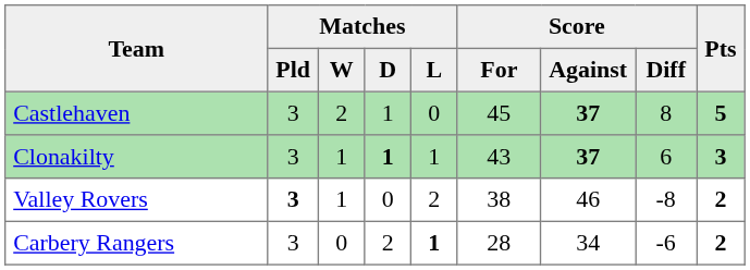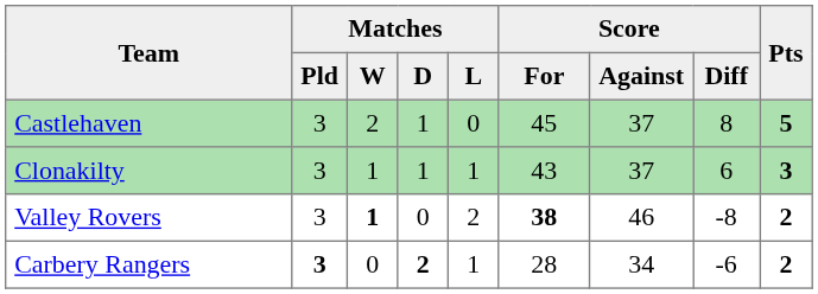 <table style=border-collapse:collapse border=1 cellspacing=0 cellpadding=5>
 <tr align=center bgcolor=#efefef>
 <th rowspan=2 width=165>Team</th>
 <th colspan=4>Matches</th>
 <th colspan=3>Score</th>
 <th rowspan=2width=20>Pts</th>
 </tr>
 <tr align=center bgcolor=#efefef>
 <th width=20>Pld</th>
 <th width=20>W</th>
 <th width=20>D</th>
 <th width=20>L</th>
 <th width=45>For</th>
 <th width=45>Against</th>
 <th width=30>Diff</th>
 </tr>
 <tr align=center style="background:#ACE1AF;">
 <td style="text-align:left;"><a href='#'>Castlehaven</a></td>
 <td>3</td>
 <td>2</td>
 <td>1</td>
 <td>0</td>
 <td>45</td>
-<td><strong>37</strong></td>
+<td>37</td>
 <td>8</td>
 <td><strong>5</strong></td>
 </tr>
 <tr align=center style="background:#ACE1AF;">
 <td style="text-align:left;"><a href='#'>Clonakilty</a></td>
 <td>3</td>
 <td>1</td>
-<td><strong>1</strong></td>
+<td>1</td>
 <td>1</td>
 <td>43</td>
-<td><strong>37</strong></td>
+<td>37</td>
 <td>6</td>
 <td><strong>3</strong></td>
 </tr>
 <tr align=center>
 <td style="text-align:left;"><a href='#'>Valley Rovers</a></td>
-<td><strong>3</strong></td>
-<td>1</td>
+<td>3</td>
+<td><strong>1</strong></td>
 <td>0</td>
 <td>2</td>
-<td>38</td>
+<td><strong>38</strong></td>
 <td>46</td>
 <td>-8</td>
 <td><strong>2</strong></td>
 </tr>
 <tr align=center>
 <td style="text-align:left;"><a href='#'>Carbery Rangers</a></td>
-<td>3</td>
+<td><strong>3</strong></td>
 <td>0</td>
-<td>2</td>
-<td><strong>1</strong></td>
+<td><strong>2</strong></td>
+<td>1</td>
 <td>28</td>
 <td>34</td>
 <td>-6</td>
 <td><strong>2</strong></td>
 </tr>
 </table>
